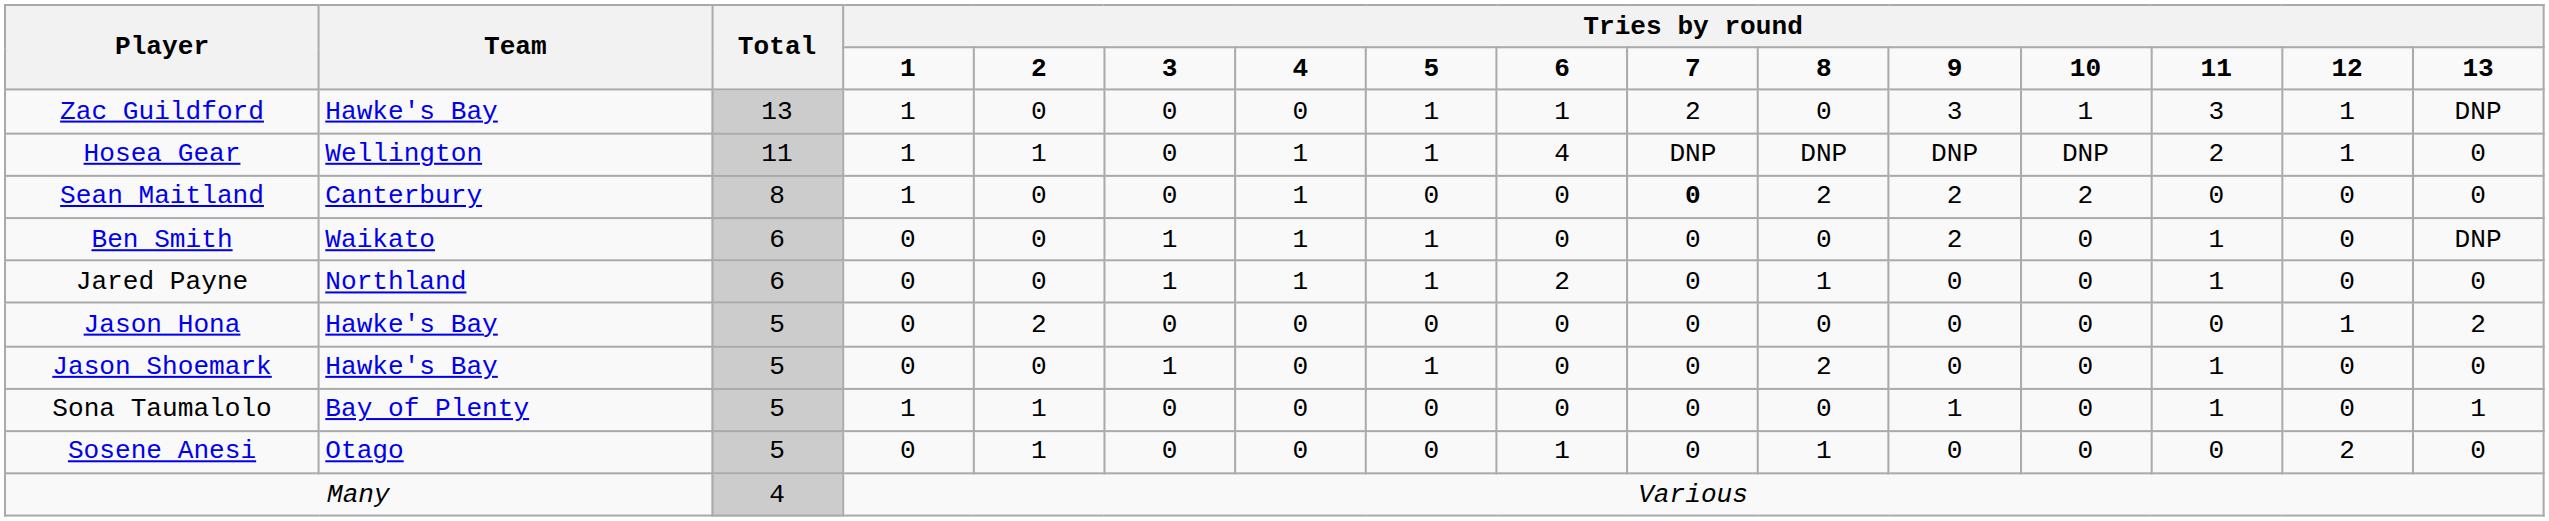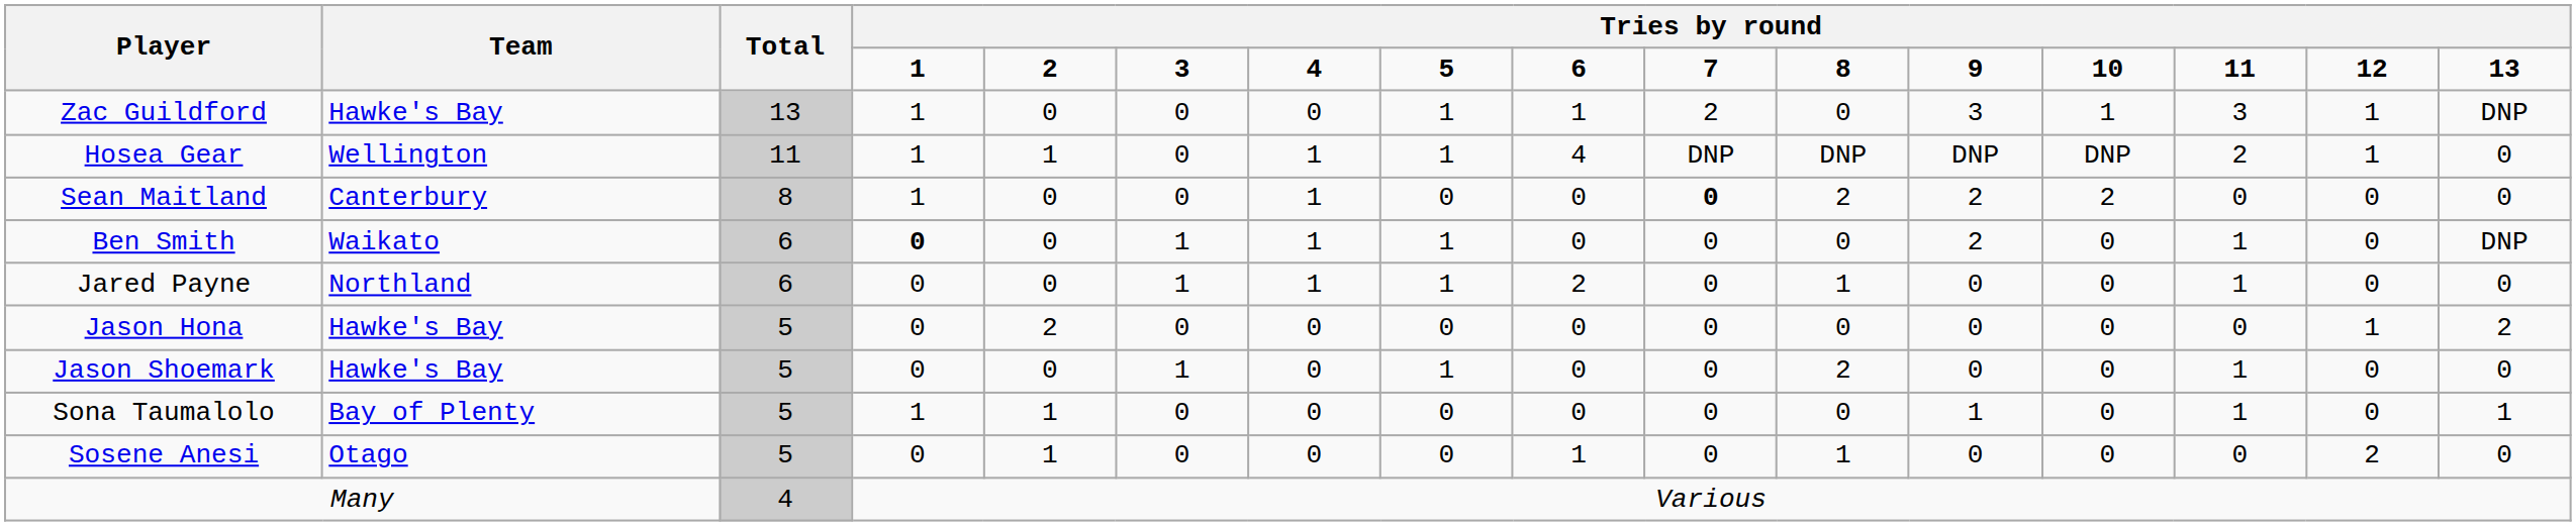 <table class="wikitable" style="text-align:center" width=100%>
 <tr>
 <th rowspan=2 width=12%>Player</th>
 <th rowspan=2 width=15%>Team</th>
 <th rowspan=2 width=5%>Total</th>
 <th colspan=13>Tries by round</th>
 </tr>
 <tr>
 <td width=5%><strong>1</strong></td>
 <td width=5%><strong>2</strong></td>
 <td width=5%><strong>3</strong></td>
 <td width=5%><strong>4</strong></td>
 <td width=5%><strong>5</strong></td>
 <td width=5%><strong>6</strong></td>
 <td width=5%><strong>7</strong></td>
 <td width=5%><strong>8</strong></td>
 <td width=5%><strong>9</strong></td>
 <td width=5%><strong>10</strong></td>
 <td width=5%><strong>11</strong></td>
 <td width=5%><strong>12</strong></td>
 <td width=5%><strong>13</strong></td>
 </tr>
 <tr>
 <td><a href='#'>Zac Guildford</a></td>
 <td align=left><a href='#'>Hawke's Bay</a></td>
 <td bgcolor=#cccccc>13</td>
 <td>1</td>
 <td>0</td>
 <td>0</td>
 <td>0</td>
 <td>1</td>
 <td>1</td>
 <td>2</td>
 <td>0</td>
 <td>3</td>
 <td>1</td>
 <td>3</td>
 <td>1</td>
 <td>DNP</td>
 </tr>
 <tr>
 <td><a href='#'>Hosea Gear</a></td>
 <td align=left><a href='#'>Wellington</a></td>
 <td bgcolor=#cccccc>11</td>
 <td>1</td>
 <td>1</td>
 <td>0</td>
 <td>1</td>
 <td>1</td>
 <td>4</td>
 <td>DNP</td>
 <td>DNP</td>
 <td>DNP</td>
 <td>DNP</td>
 <td>2</td>
 <td>1</td>
 <td>0</td>
 </tr>
 <tr>
 <td><a href='#'>Sean Maitland</a></td>
 <td align=left><a href='#'>Canterbury</a></td>
 <td bgcolor=#cccccc>8</td>
 <td>1</td>
 <td>0</td>
 <td>0</td>
 <td>1</td>
 <td>0</td>
 <td>0</td>
 <td><strong>0</strong></td>
 <td>2</td>
 <td>2</td>
 <td>2</td>
 <td>0</td>
 <td>0</td>
 <td>0</td>
 </tr>
 <tr>
 <td><a href='#'>Ben Smith</a></td>
 <td align=left><a href='#'>Waikato</a></td>
 <td bgcolor=#cccccc>6</td>
-<td>0</td>
+<td><strong>0</strong></td>
 <td>0</td>
 <td>1</td>
 <td>1</td>
 <td>1</td>
 <td>0</td>
 <td>0</td>
 <td>0</td>
 <td>2</td>
 <td>0</td>
 <td>1</td>
 <td>0</td>
 <td>DNP</td>
 </tr>
 <tr>
 <td>Jared Payne</td>
 <td align=left><a href='#'>Northland</a></td>
 <td bgcolor=#cccccc>6</td>
 <td>0</td>
 <td>0</td>
 <td>1</td>
 <td>1</td>
 <td>1</td>
 <td>2</td>
 <td>0</td>
 <td>1</td>
 <td>0</td>
 <td>0</td>
 <td>1</td>
 <td>0</td>
 <td>0</td>
 </tr>
 <tr>
 <td><a href='#'>Jason Hona</a></td>
 <td align=left><a href='#'>Hawke's Bay</a></td>
 <td bgcolor=#cccccc>5</td>
 <td>0</td>
 <td>2</td>
 <td>0</td>
 <td>0</td>
 <td>0</td>
 <td>0</td>
 <td>0</td>
 <td>0</td>
 <td>0</td>
 <td>0</td>
 <td>0</td>
 <td>1</td>
 <td>2</td>
 </tr>
 <tr>
 <td><a href='#'>Jason Shoemark</a></td>
 <td align=left><a href='#'>Hawke's Bay</a></td>
 <td bgcolor=#cccccc>5</td>
 <td>0</td>
 <td>0</td>
 <td>1</td>
 <td>0</td>
 <td>1</td>
 <td>0</td>
 <td>0</td>
 <td>2</td>
 <td>0</td>
 <td>0</td>
 <td>1</td>
 <td>0</td>
 <td>0</td>
 </tr>
 <tr>
 <td>Sona Taumalolo</td>
 <td align=left><a href='#'>Bay of Plenty</a></td>
 <td bgcolor=#cccccc>5</td>
 <td>1</td>
 <td>1</td>
 <td>0</td>
 <td>0</td>
 <td>0</td>
 <td>0</td>
 <td>0</td>
 <td>0</td>
 <td>1</td>
 <td>0</td>
 <td>1</td>
 <td>0</td>
 <td>1</td>
 </tr>
 <tr>
 <td><a href='#'>Sosene Anesi</a></td>
 <td align=left><a href='#'>Otago</a></td>
 <td bgcolor=#cccccc>5</td>
 <td>0</td>
 <td>1</td>
 <td>0</td>
 <td>0</td>
 <td>0</td>
 <td>1</td>
 <td>0</td>
 <td>1</td>
 <td>0</td>
 <td>0</td>
 <td>0</td>
 <td>2</td>
 <td>0</td>
 </tr>
 <tr>
 <td colspan=2><em>Many</em></td>
 <td bgcolor=#cccccc>4</td>
 <td colspan=13><em>Various</em></td>
 </tr>
 </table>
